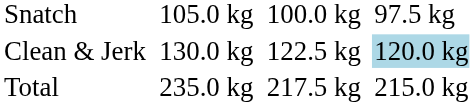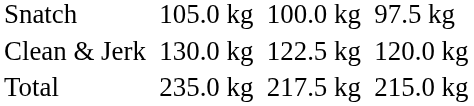 <table>
 <tr>
 <td>Snatch</td>
 <td></td>
 <td>105.0 kg</td>
 <td></td>
 <td>100.0 kg</td>
 <td></td>
 <td>97.5 kg</td>
 </tr>
 <tr>
 <td>Clean & Jerk</td>
 <td></td>
 <td>130.0 kg</td>
 <td></td>
 <td>122.5 kg</td>
 <td></td>
-<td style="background: lightblue;">120.0 kg</td>
+<td>120.0 kg</td>
 </tr>
 <tr>
 <td>Total</td>
 <td></td>
 <td>235.0 kg</td>
 <td></td>
 <td>217.5 kg</td>
 <td></td>
 <td>215.0 kg</td>
 </tr>
 </table>
